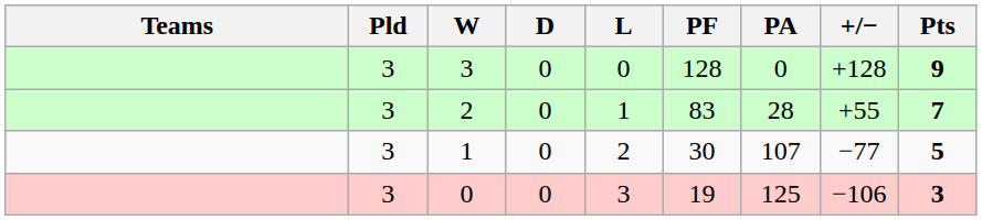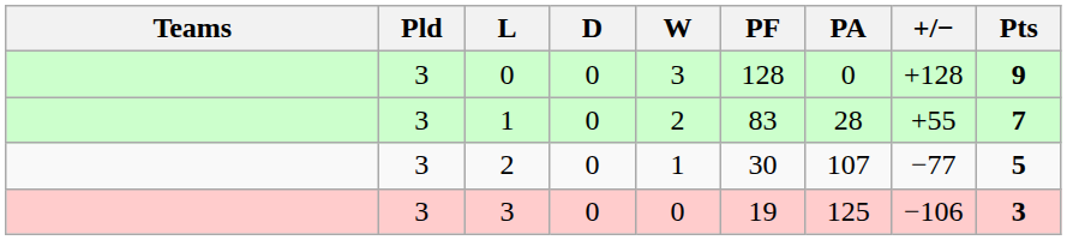 <table class="wikitable" style="text-align: center;">
 <tr>
 <th width="200">Teams</th>
 <th width="40">Pld</th>
+<th width="40">L</th>
+<th width="40">D</th>
 <th width="40">W</th>
-<th width="40">D</th>
-<th width="40">L</th>
 <th width="40">PF</th>
 <th width="40">PA</th>
 <th width="40">+/−</th>
 <th width="40">Pts</th>
 </tr>
 <tr bgcolor=ccffcc>
 <td align=left></td>
 <td>3</td>
-<td>3</td>
 <td>0</td>
 <td>0</td>
+<td>3</td>
 <td>128</td>
 <td>0</td>
 <td>+128</td>
 <td><strong>9</strong></td>
 </tr>
 <tr bgcolor=ccffcc>
 <td align=left></td>
 <td>3</td>
+<td>1</td>
+<td>0</td>
 <td>2</td>
-<td>0</td>
-<td>1</td>
 <td>83</td>
 <td>28</td>
 <td>+55</td>
 <td><strong>7</strong></td>
 </tr>
 <tr>
 <td align=left></td>
 <td>3</td>
+<td>2</td>
+<td>0</td>
 <td>1</td>
-<td>0</td>
-<td>2</td>
 <td>30</td>
 <td>107</td>
 <td>−77</td>
 <td><strong>5</strong></td>
 </tr>
 <tr bgcolor=ffcccc>
 <td align=left></td>
 <td>3</td>
+<td>3</td>
 <td>0</td>
 <td>0</td>
-<td>3</td>
 <td>19</td>
 <td>125</td>
 <td>−106</td>
 <td><strong>3</strong></td>
 </tr>
 </table>
